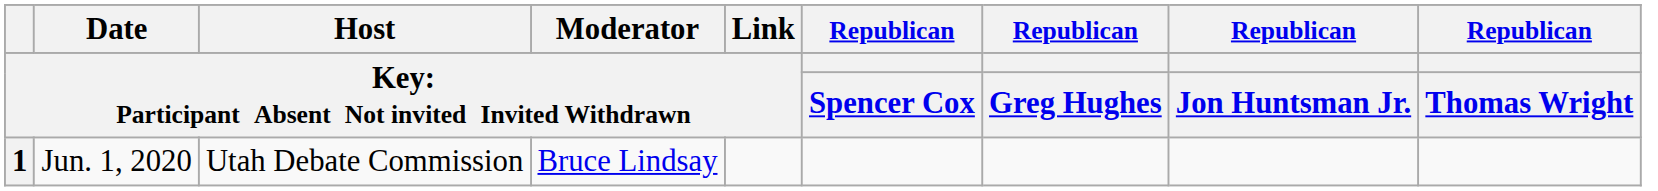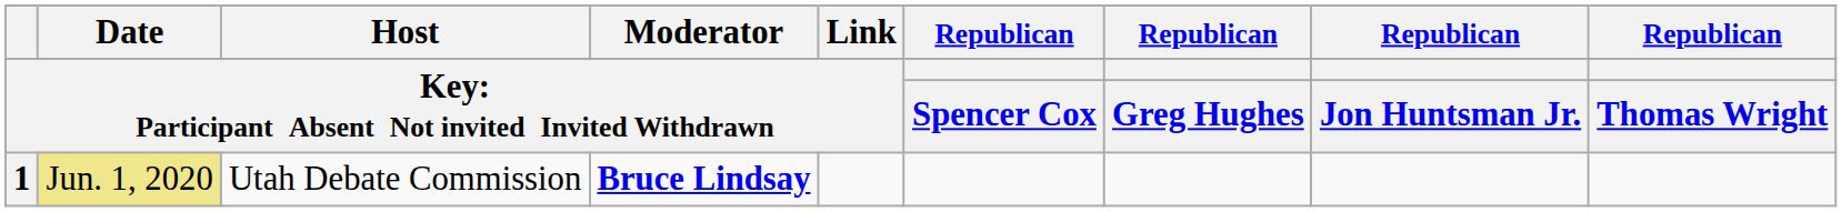 <table class="wikitable" style="text-align:center;">
 <tr>
 <th scope="col"></th>
 <th scope="col">Date</th>
 <th scope="col">Host</th>
 <th scope="col">Moderator</th>
 <th scope="col">Link</th>
 <th scope="col"><small><a href='#'>Republican</a></small></th>
 <th scope="col"><small><a href='#'>Republican</a></small></th>
 <th scope="col"><small><a href='#'>Republican</a></small></th>
 <th scope="col"><small><a href='#'>Republican</a></small></th>
 </tr>
 <tr>
 <th colspan="5" rowspan="2">Key:<br> <small>Participant </small>  <small>Absent </small>  <small>Not invited </small>  <small>Invited  Withdrawn</small></th>
 <th scope="col" style="background:"></th>
 <th scope="col" style="background:"></th>
 <th scope="col" style="background:"></th>
 <th scope="col" style="background:"></th>
 </tr>
 <tr>
 <th scope="col"><a href='#'>Spencer Cox</a></th>
 <th scope="col"><a href='#'>Greg Hughes</a></th>
 <th scope="col"><a href='#'>Jon Huntsman Jr.</a></th>
 <th scope="col"><a href='#'>Thomas Wright</a></th>
 </tr>
 <tr>
 <th>1</th>
-<td style="white-space:nowrap;">Jun. 1, 2020</td>
+<td style="background: khaki; white-space:nowrap;">Jun. 1, 2020</td>
 <td style="white-space:nowrap;">Utah Debate Commission</td>
-<td style="white-space:nowrap;"><a href='#'>Bruce Lindsay</a></td>
+<td style="white-space:nowrap;"><strong><a href='#'>Bruce Lindsay</a></strong></td>
 <td style="white-space:nowrap;"></td>
 <td></td>
 <td></td>
 <td></td>
 <td></td>
 </tr>
 </table>
